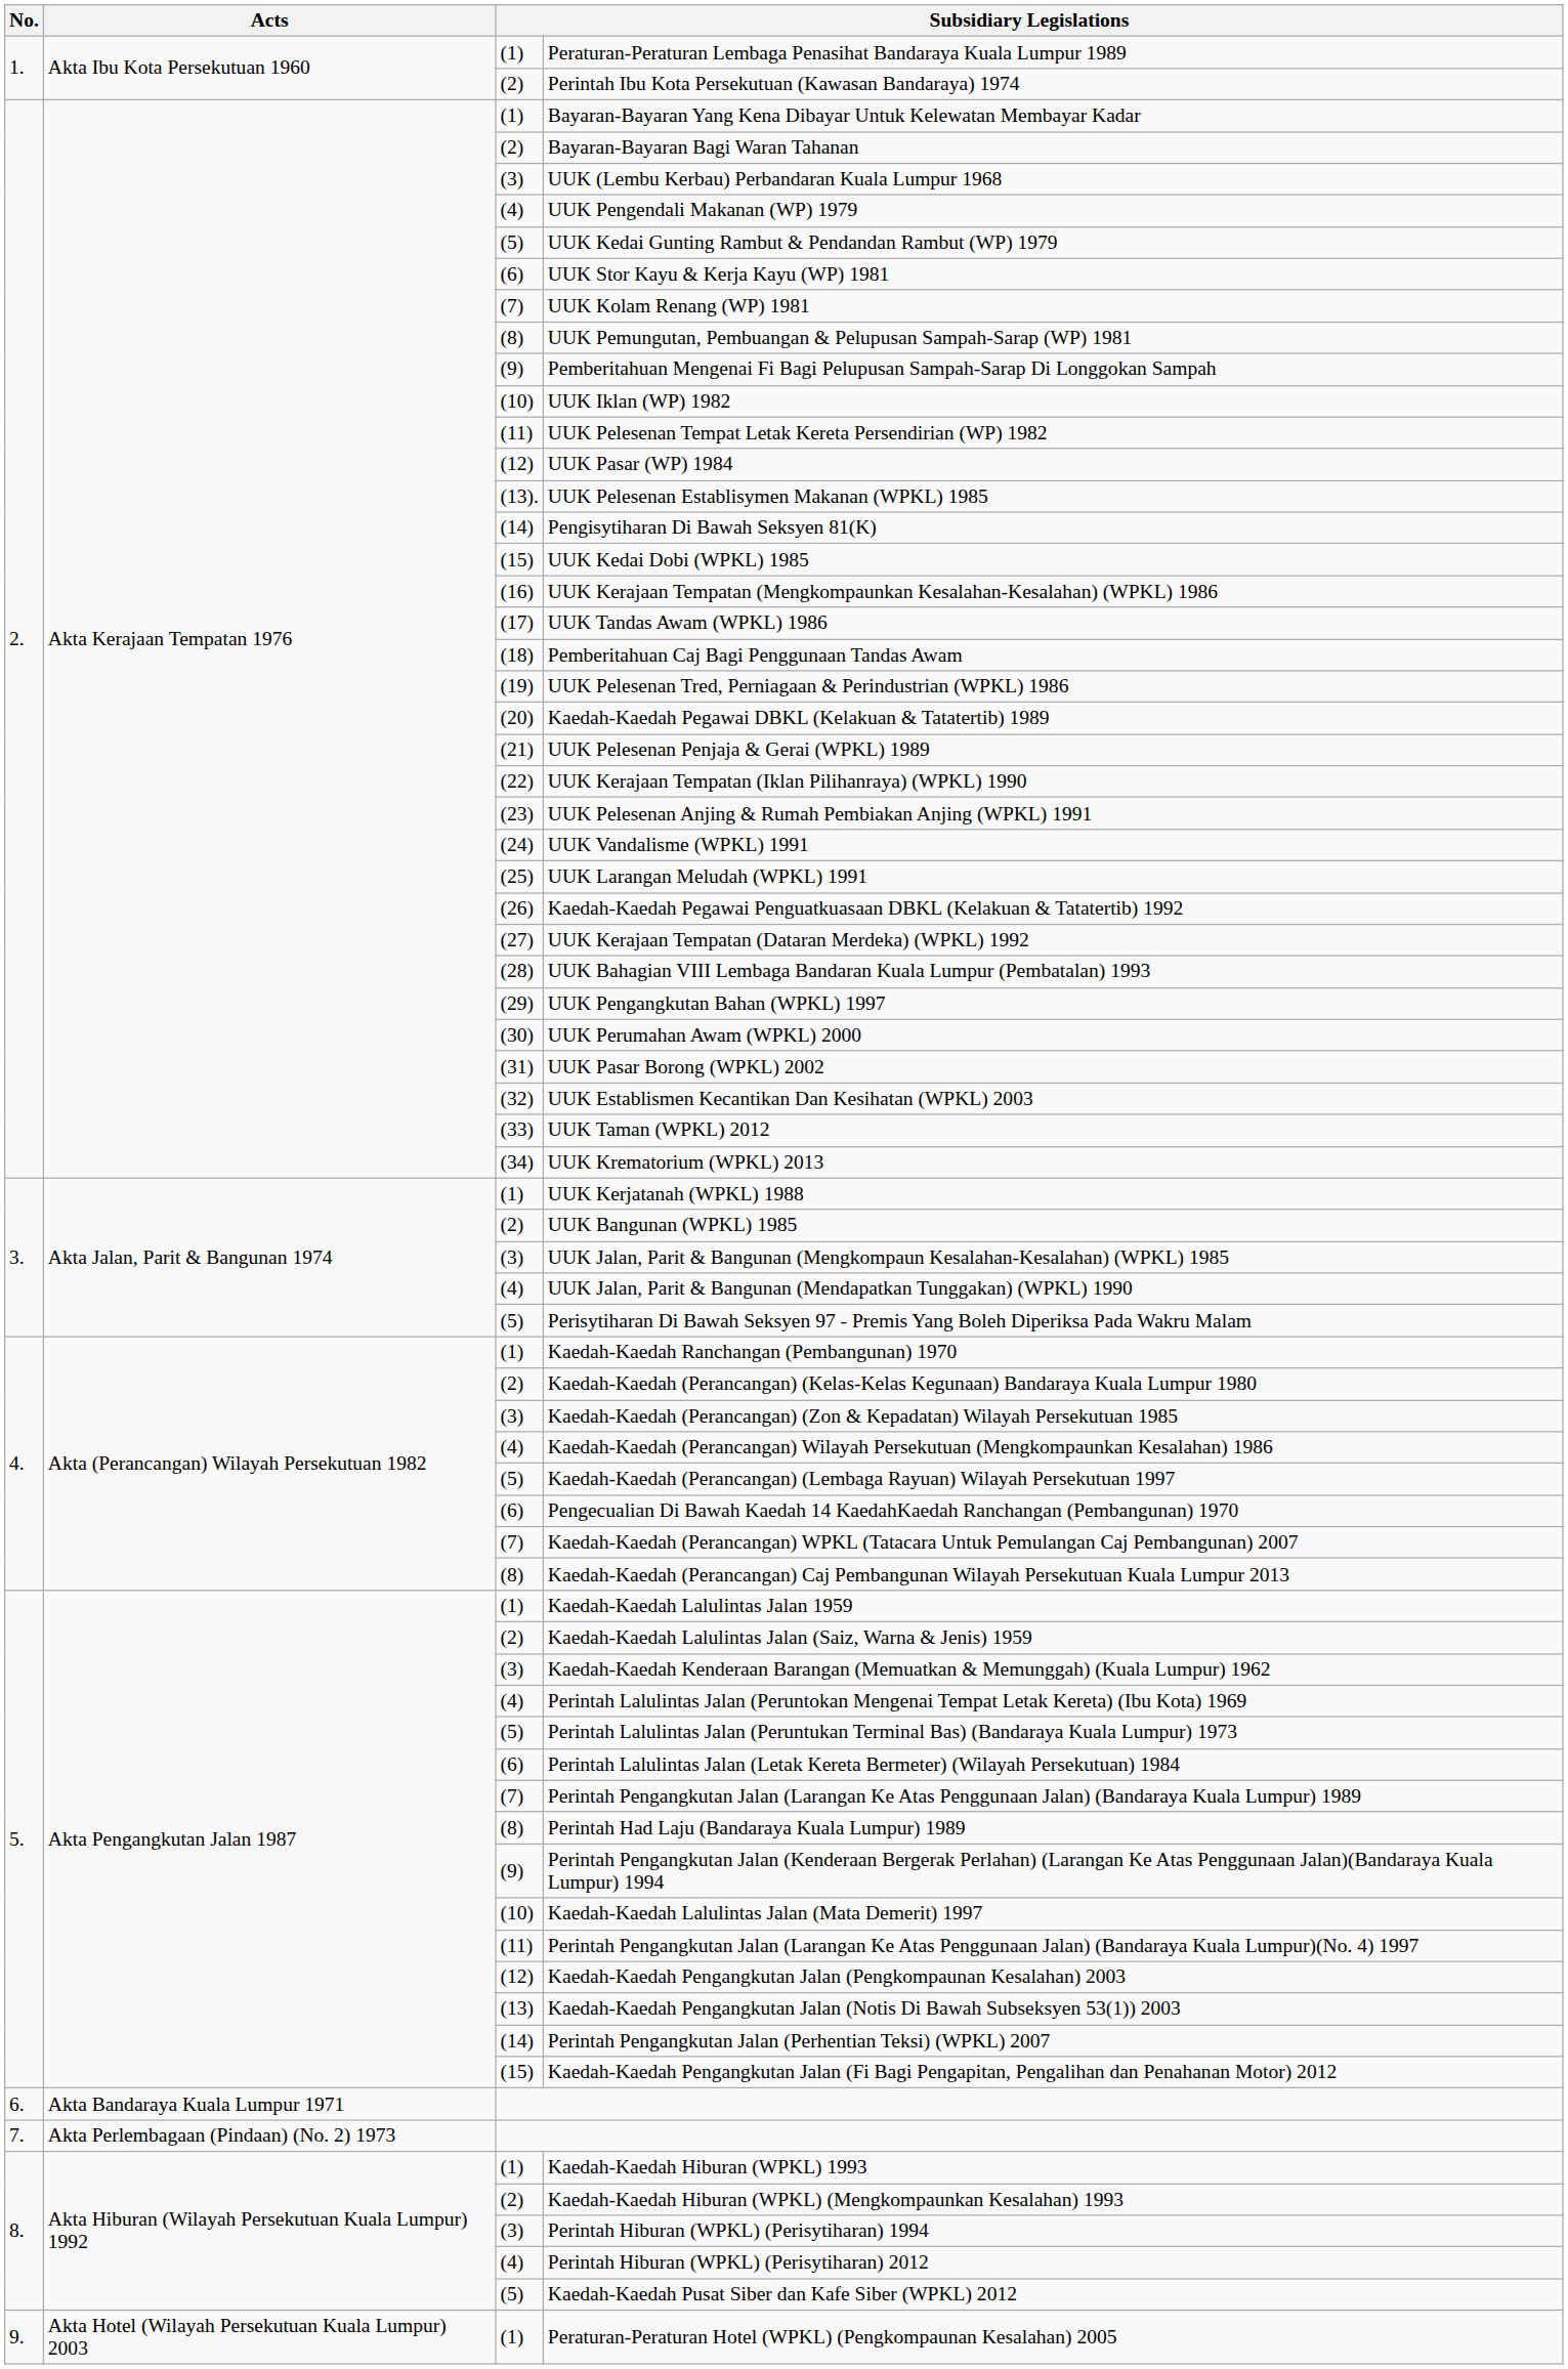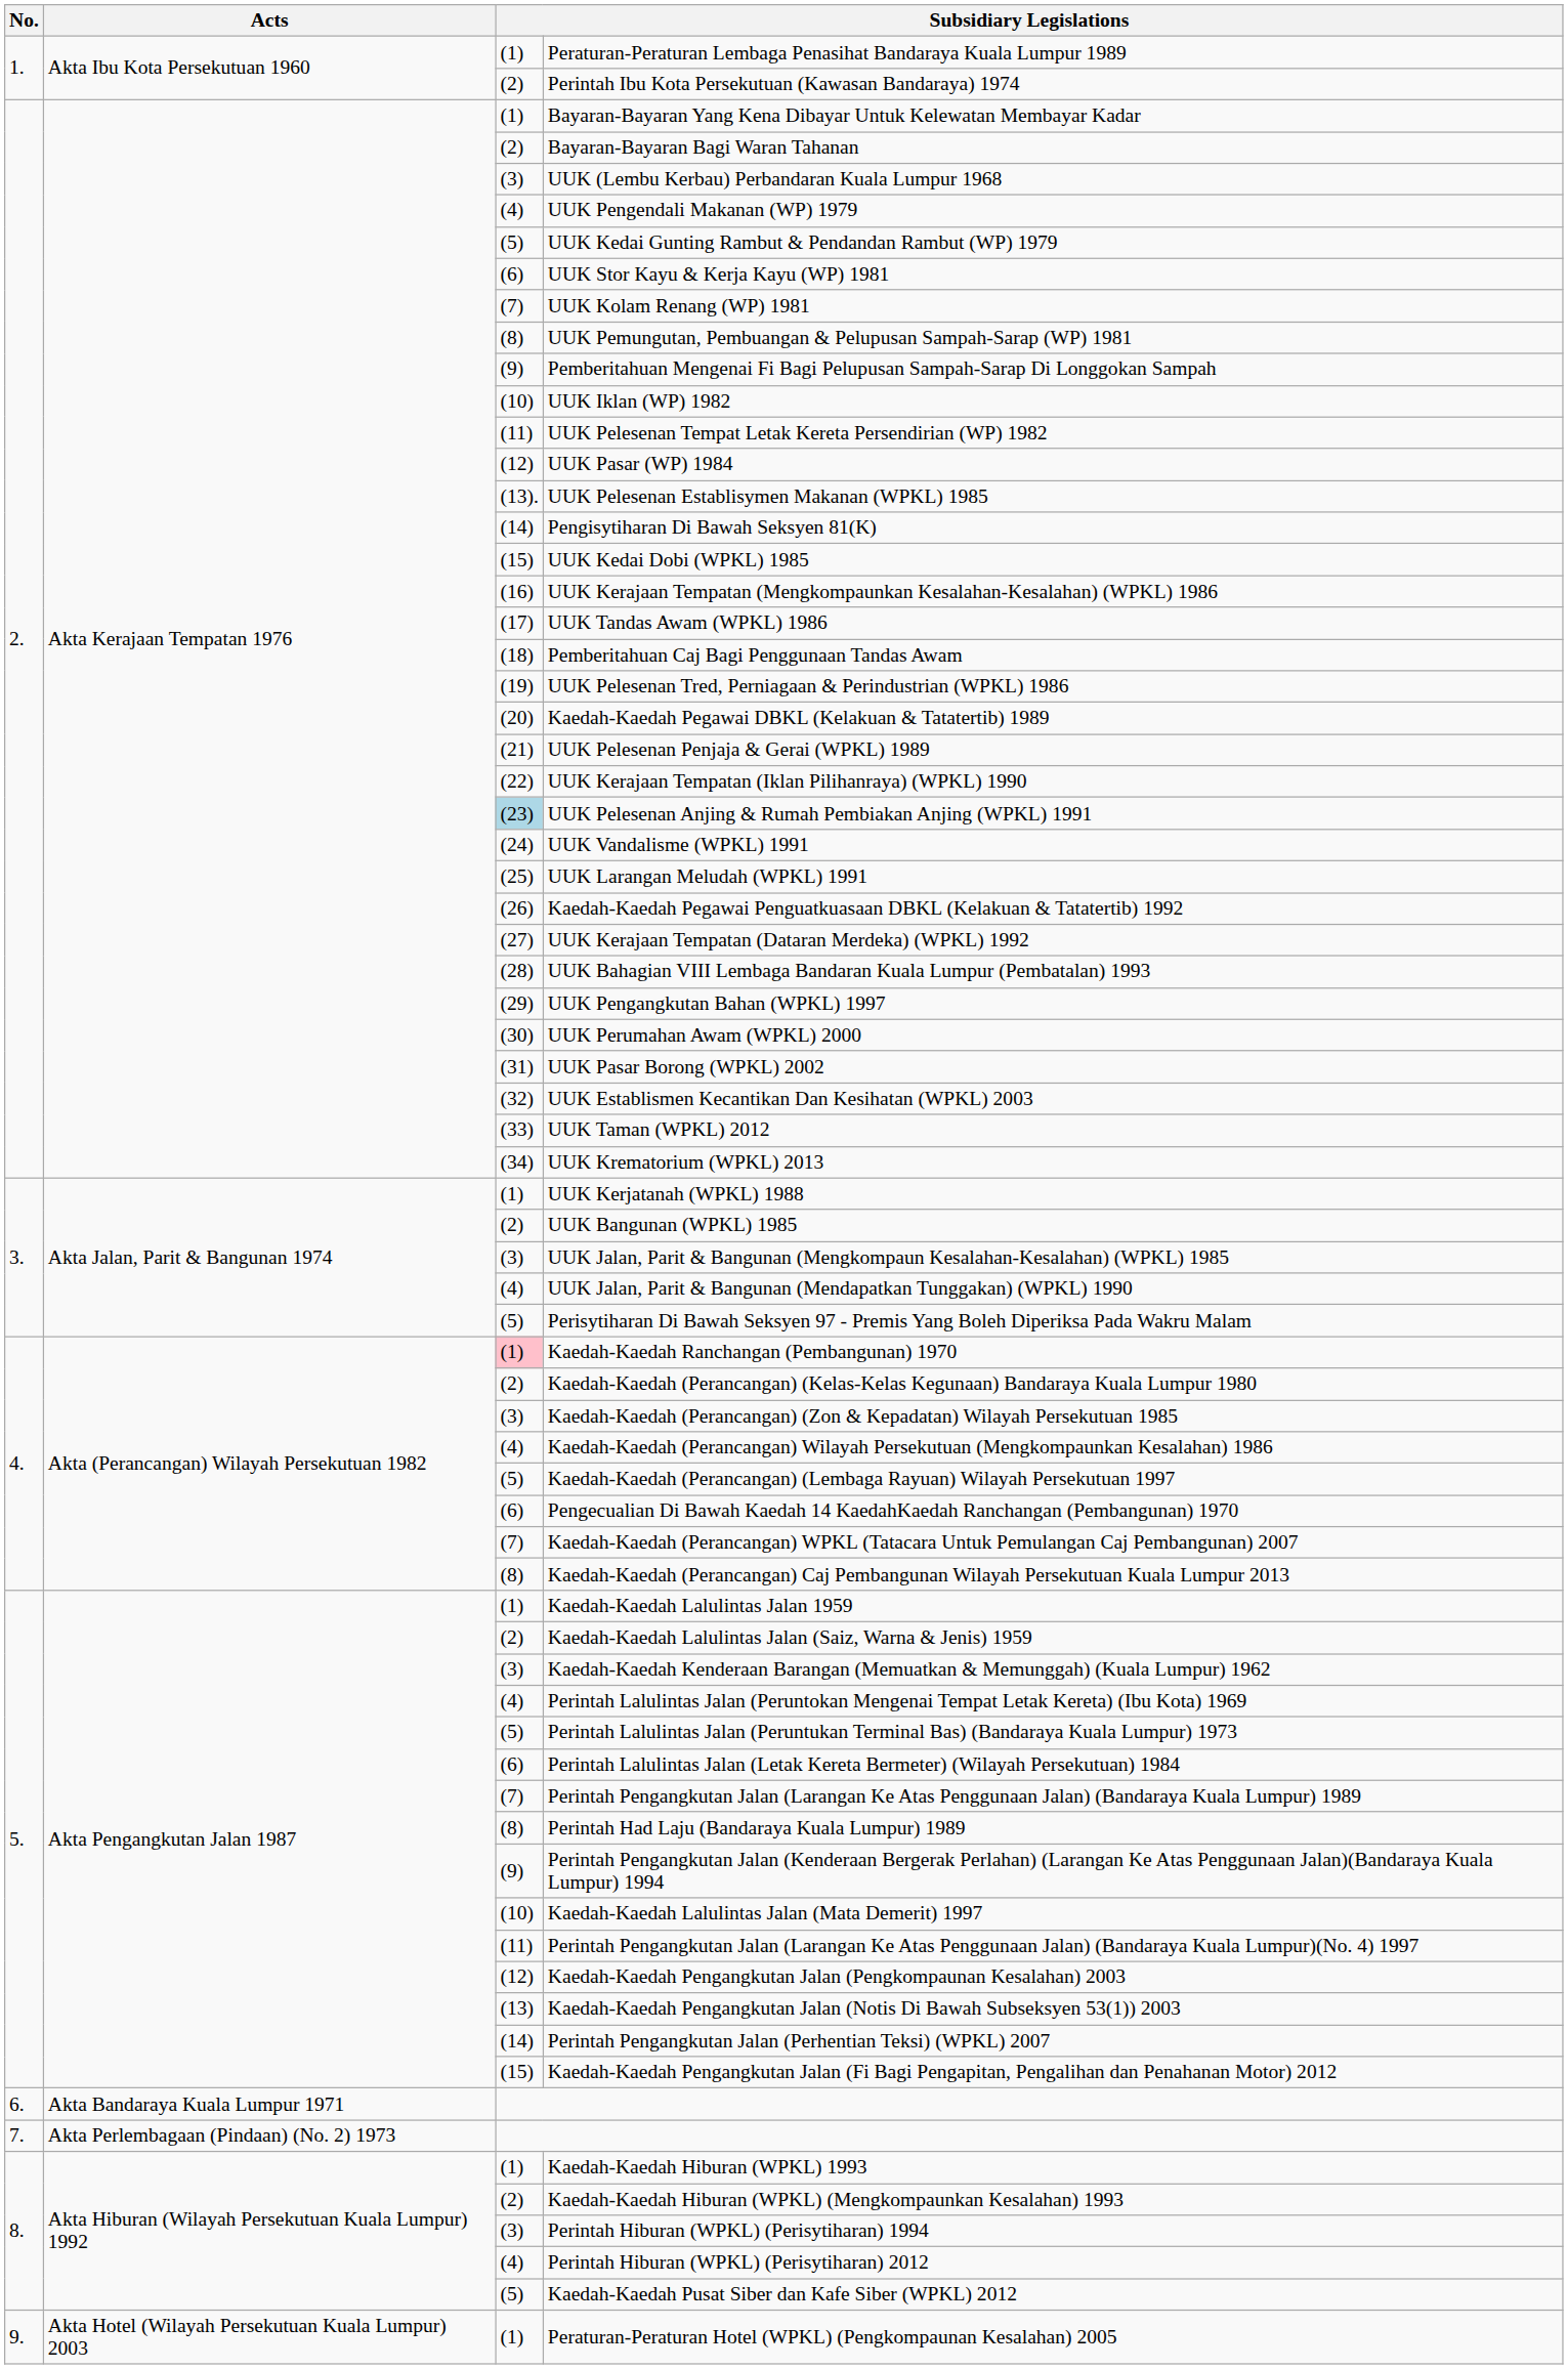 <table class="wikitable">
 <tr>
 <th>No.</th>
 <th>Acts</th>
 <th colspan="2">Subsidiary Legislations</th>
 </tr>
 <tr>
 <td rowspan="2">1.</td>
 <td rowspan="2">Akta Ibu Kota Persekutuan 1960</td>
 <td>(1)</td>
 <td>Peraturan-Peraturan Lembaga Penasihat Bandaraya Kuala Lumpur 1989</td>
 </tr>
 <tr>
 <td>(2)</td>
 <td>Perintah Ibu Kota Persekutuan (Kawasan Bandaraya) 1974</td>
 </tr>
 <tr>
 <td rowspan="34">2.</td>
 <td rowspan="34">Akta Kerajaan Tempatan 1976</td>
 <td>(1)</td>
 <td>Bayaran-Bayaran Yang Kena Dibayar Untuk Kelewatan Membayar Kadar</td>
 </tr>
 <tr>
 <td>(2)</td>
 <td>Bayaran-Bayaran Bagi Waran Tahanan</td>
 </tr>
 <tr>
 <td>(3)</td>
 <td>UUK (Lembu Kerbau) Perbandaran Kuala Lumpur 1968</td>
 </tr>
 <tr>
 <td>(4)</td>
 <td>UUK Pengendali Makanan (WP) 1979</td>
 </tr>
 <tr>
 <td>(5)</td>
 <td>UUK Kedai Gunting Rambut & Pendandan Rambut (WP) 1979</td>
 </tr>
 <tr>
 <td>(6)</td>
 <td>UUK Stor Kayu & Kerja Kayu (WP) 1981</td>
 </tr>
 <tr>
 <td>(7)</td>
 <td>UUK Kolam Renang (WP) 1981</td>
 </tr>
 <tr>
 <td>(8)</td>
 <td>UUK Pemungutan, Pembuangan & Pelupusan Sampah-Sarap (WP) 1981</td>
 </tr>
 <tr>
 <td>(9)</td>
 <td>Pemberitahuan Mengenai Fi Bagi Pelupusan Sampah-Sarap Di Longgokan Sampah</td>
 </tr>
 <tr>
 <td>(10)</td>
 <td>UUK Iklan (WP) 1982</td>
 </tr>
 <tr>
 <td>(11)</td>
 <td>UUK Pelesenan Tempat Letak Kereta Persendirian (WP) 1982</td>
 </tr>
 <tr>
 <td>(12)</td>
 <td>UUK Pasar (WP) 1984</td>
 </tr>
 <tr>
 <td>(13).</td>
 <td>UUK Pelesenan Establisymen Makanan (WPKL) 1985</td>
 </tr>
 <tr>
 <td>(14)</td>
 <td>Pengisytiharan Di Bawah Seksyen 81(K)</td>
 </tr>
 <tr>
 <td>(15)</td>
 <td>UUK Kedai Dobi (WPKL) 1985</td>
 </tr>
 <tr>
 <td>(16)</td>
 <td>UUK Kerajaan Tempatan (Mengkompaunkan Kesalahan-Kesalahan) (WPKL) 1986</td>
 </tr>
 <tr>
 <td>(17)</td>
 <td>UUK Tandas Awam (WPKL) 1986</td>
 </tr>
 <tr>
 <td>(18)</td>
 <td>Pemberitahuan Caj Bagi Penggunaan Tandas Awam</td>
 </tr>
 <tr>
 <td>(19)</td>
 <td>UUK Pelesenan Tred, Perniagaan & Perindustrian (WPKL) 1986</td>
 </tr>
 <tr>
 <td>(20)</td>
 <td>Kaedah-Kaedah Pegawai DBKL (Kelakuan & Tatatertib) 1989</td>
 </tr>
 <tr>
 <td>(21)</td>
 <td>UUK Pelesenan Penjaja & Gerai (WPKL) 1989</td>
 </tr>
 <tr>
 <td>(22)</td>
 <td>UUK Kerajaan Tempatan (Iklan Pilihanraya) (WPKL) 1990</td>
 </tr>
 <tr>
-<td>(23)</td>
+<td style="background: lightblue;">(23)</td>
 <td>UUK Pelesenan Anjing & Rumah Pembiakan Anjing (WPKL) 1991</td>
 </tr>
 <tr>
 <td>(24)</td>
 <td>UUK Vandalisme (WPKL) 1991</td>
 </tr>
 <tr>
 <td>(25)</td>
 <td>UUK Larangan Meludah (WPKL) 1991</td>
 </tr>
 <tr>
 <td>(26)</td>
 <td>Kaedah-Kaedah Pegawai Penguatkuasaan DBKL (Kelakuan & Tatatertib) 1992</td>
 </tr>
 <tr>
 <td>(27)</td>
 <td>UUK Kerajaan Tempatan (Dataran Merdeka) (WPKL) 1992</td>
 </tr>
 <tr>
 <td>(28)</td>
 <td>UUK Bahagian VIII Lembaga Bandaran Kuala Lumpur (Pembatalan) 1993</td>
 </tr>
 <tr>
 <td>(29)</td>
 <td>UUK Pengangkutan Bahan (WPKL) 1997</td>
 </tr>
 <tr>
 <td>(30)</td>
 <td>UUK Perumahan Awam (WPKL) 2000</td>
 </tr>
 <tr>
 <td>(31)</td>
 <td>UUK Pasar Borong (WPKL) 2002</td>
 </tr>
 <tr>
 <td>(32)</td>
 <td>UUK Establismen Kecantikan Dan Kesihatan (WPKL) 2003</td>
 </tr>
 <tr>
 <td>(33)</td>
 <td>UUK Taman (WPKL) 2012</td>
 </tr>
 <tr>
 <td>(34)</td>
 <td>UUK Krematorium (WPKL) 2013</td>
 </tr>
 <tr>
 <td rowspan="5">3.</td>
 <td rowspan="5">Akta Jalan, Parit & Bangunan 1974</td>
 <td>(1)</td>
 <td>UUK Kerjatanah (WPKL) 1988</td>
 </tr>
 <tr>
 <td>(2)</td>
 <td>UUK Bangunan (WPKL) 1985</td>
 </tr>
 <tr>
 <td>(3)</td>
 <td>UUK Jalan, Parit & Bangunan (Mengkompaun Kesalahan-Kesalahan) (WPKL) 1985</td>
 </tr>
 <tr>
 <td>(4)</td>
 <td>UUK Jalan, Parit & Bangunan (Mendapatkan Tunggakan) (WPKL) 1990</td>
 </tr>
 <tr>
 <td>(5)</td>
 <td>Perisytiharan Di Bawah Seksyen 97 - Premis Yang Boleh Diperiksa Pada Wakru Malam</td>
 </tr>
 <tr>
 <td rowspan="8">4.</td>
 <td rowspan="8">Akta (Perancangan) Wilayah Persekutuan 1982</td>
-<td>(1)</td>
+<td style="background: pink;">(1)</td>
 <td>Kaedah-Kaedah Ranchangan (Pembangunan) 1970</td>
 </tr>
 <tr>
 <td>(2)</td>
 <td>Kaedah-Kaedah (Perancangan) (Kelas-Kelas Kegunaan) Bandaraya Kuala Lumpur 1980</td>
 </tr>
 <tr>
 <td>(3)</td>
 <td>Kaedah-Kaedah (Perancangan) (Zon & Kepadatan) Wilayah Persekutuan 1985</td>
 </tr>
 <tr>
 <td>(4)</td>
 <td>Kaedah-Kaedah (Perancangan) Wilayah Persekutuan (Mengkompaunkan Kesalahan) 1986</td>
 </tr>
 <tr>
 <td>(5)</td>
 <td>Kaedah-Kaedah (Perancangan) (Lembaga Rayuan) Wilayah Persekutuan 1997</td>
 </tr>
 <tr>
 <td>(6)</td>
 <td>Pengecualian Di Bawah Kaedah 14 KaedahKaedah Ranchangan (Pembangunan) 1970</td>
 </tr>
 <tr>
 <td>(7)</td>
 <td>Kaedah-Kaedah (Perancangan) WPKL (Tatacara Untuk Pemulangan Caj Pembangunan) 2007</td>
 </tr>
 <tr>
 <td>(8)</td>
 <td>Kaedah-Kaedah (Perancangan) Caj Pembangunan Wilayah Persekutuan Kuala Lumpur 2013</td>
 </tr>
 <tr>
 <td rowspan="15">5.</td>
 <td rowspan="15">Akta Pengangkutan Jalan 1987</td>
 <td>(1)</td>
 <td>Kaedah-Kaedah Lalulintas Jalan 1959</td>
 </tr>
 <tr>
 <td>(2)</td>
 <td>Kaedah-Kaedah Lalulintas Jalan (Saiz, Warna & Jenis) 1959</td>
 </tr>
 <tr>
 <td>(3)</td>
 <td>Kaedah-Kaedah Kenderaan Barangan (Memuatkan & Memunggah) (Kuala Lumpur) 1962</td>
 </tr>
 <tr>
 <td>(4)</td>
 <td>Perintah Lalulintas Jalan (Peruntokan Mengenai Tempat Letak Kereta) (Ibu Kota) 1969</td>
 </tr>
 <tr>
 <td>(5)</td>
 <td>Perintah Lalulintas Jalan (Peruntukan Terminal Bas) (Bandaraya Kuala Lumpur) 1973</td>
 </tr>
 <tr>
 <td>(6)</td>
 <td>Perintah Lalulintas Jalan (Letak Kereta Bermeter) (Wilayah Persekutuan) 1984</td>
 </tr>
 <tr>
 <td>(7)</td>
 <td>Perintah Pengangkutan Jalan (Larangan Ke Atas Penggunaan Jalan) (Bandaraya Kuala Lumpur) 1989</td>
 </tr>
 <tr>
 <td>(8)</td>
 <td>Perintah Had Laju (Bandaraya Kuala Lumpur) 1989</td>
 </tr>
 <tr>
 <td>(9)</td>
 <td>Perintah Pengangkutan Jalan (Kenderaan Bergerak Perlahan) (Larangan Ke Atas Penggunaan Jalan)(Bandaraya Kuala Lumpur) 1994</td>
 </tr>
 <tr>
 <td>(10)</td>
 <td>Kaedah-Kaedah Lalulintas Jalan (Mata Demerit) 1997</td>
 </tr>
 <tr>
 <td>(11)</td>
 <td>Perintah Pengangkutan Jalan (Larangan Ke Atas Penggunaan Jalan) (Bandaraya Kuala Lumpur)(No. 4) 1997</td>
 </tr>
 <tr>
 <td>(12)</td>
 <td>Kaedah-Kaedah Pengangkutan Jalan (Pengkompaunan Kesalahan) 2003</td>
 </tr>
 <tr>
 <td>(13)</td>
 <td>Kaedah-Kaedah Pengangkutan Jalan (Notis Di Bawah Subseksyen 53(1)) 2003</td>
 </tr>
 <tr>
 <td>(14)</td>
 <td>Perintah Pengangkutan Jalan (Perhentian Teksi) (WPKL) 2007</td>
 </tr>
 <tr>
 <td>(15)</td>
 <td>Kaedah-Kaedah Pengangkutan Jalan (Fi Bagi Pengapitan, Pengalihan dan Penahanan Motor) 2012</td>
 </tr>
 <tr>
 <td>6.</td>
 <td>Akta Bandaraya Kuala Lumpur 1971</td>
 <td colspan="2"></td>
 </tr>
 <tr>
 <td>7.</td>
 <td>Akta Perlembagaan (Pindaan) (No. 2) 1973</td>
 <td colspan="2"></td>
 </tr>
 <tr>
 <td rowspan="5">8.</td>
 <td rowspan="5">Akta Hiburan (Wilayah Persekutuan Kuala Lumpur) 1992</td>
 <td>(1)</td>
 <td>Kaedah-Kaedah Hiburan (WPKL) 1993</td>
 </tr>
 <tr>
 <td>(2)</td>
 <td>Kaedah-Kaedah Hiburan (WPKL) (Mengkompaunkan Kesalahan) 1993</td>
 </tr>
 <tr>
 <td>(3)</td>
 <td>Perintah Hiburan (WPKL) (Perisytiharan) 1994</td>
 </tr>
 <tr>
 <td>(4)</td>
 <td>Perintah Hiburan (WPKL) (Perisytiharan) 2012</td>
 </tr>
 <tr>
 <td>(5)</td>
 <td>Kaedah-Kaedah Pusat Siber dan Kafe Siber (WPKL) 2012</td>
 </tr>
 <tr>
 <td>9.</td>
 <td>Akta Hotel (Wilayah Persekutuan Kuala Lumpur) 2003</td>
 <td>(1)</td>
 <td>Peraturan-Peraturan Hotel (WPKL) (Pengkompaunan Kesalahan) 2005</td>
 </tr>
 </table>
